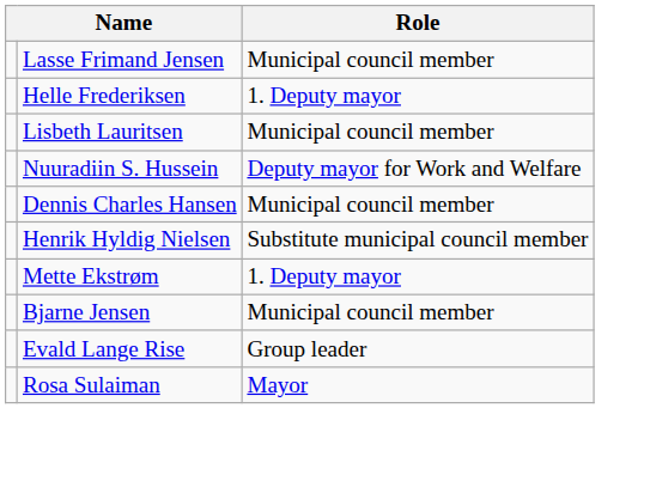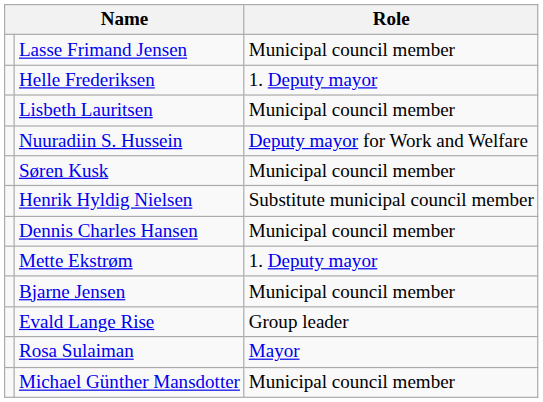 <table class="wikitable">
 <tr>
 <th colspan="2">Name</th>
 <th>Role</th>
 </tr>
 <tr>
 <td width="1"></td>
 <td><a href='#'>Lasse Frimand Jensen</a></td>
 <td>Municipal council member</td>
 </tr>
 <tr>
 <td width="1"></td>
 <td><a href='#'>Helle Frederiksen</a></td>
 <td>1. <a href='#'>Deputy mayor</a></td>
 </tr>
 <tr>
 <td width="1"></td>
 <td><a href='#'>Lisbeth Lauritsen</a></td>
 <td>Municipal council member</td>
 </tr>
 <tr>
 <td width="1"></td>
 <td><a href='#'>Nuuradiin S. Hussein</a></td>
 <td><a href='#'>Deputy mayor</a> for Work and Welfare</td>
 </tr>
 <tr>
 <td width="1"></td>
-<td><a href='#'>Dennis Charles Hansen</a></td>
+<td><a href='#'>Søren Kusk</a></td>
 <td>Municipal council member</td>
 </tr>
 <tr>
 <td width="1"></td>
 <td><a href='#'>Henrik Hyldig Nielsen</a></td>
 <td>Substitute municipal council member </td>
+</tr>
+<tr>
+<td width="1"></td>
+<td><a href='#'>Dennis Charles Hansen</a></td>
+<td>Municipal council member</td>
 </tr>
 <tr>
 <td width="1"></td>
 <td><a href='#'>Mette Ekstrøm</a></td>
 <td>1. <a href='#'>Deputy mayor</a></td>
 </tr>
 <tr>
 <td width="1"></td>
 <td><a href='#'>Bjarne Jensen</a></td>
 <td>Municipal council member</td>
 </tr>
 <tr>
 <td width="1"></td>
 <td><a href='#'>Evald Lange Rise</a></td>
 <td>Group leader</td>
 </tr>
 <tr>
 <td width="1"></td>
 <td><a href='#'>Rosa Sulaiman</a></td>
 <td><a href='#'>Mayor</a></td>
 </tr>
+<tr>
+<td width="1"></td>
+<td><a href='#'>Michael Günther Mansdotter</a> </td>
+<td>Municipal council member</td>
+</tr>
 </table>
